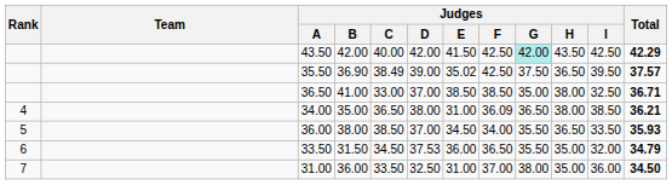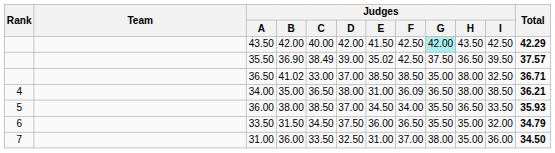 <table class=wikitable style="text-align:center">
 <tr>
 <th rowspan="2" width=40>Rank</th>
 <th rowspan="2" width=380>Team</th>
 <th colspan="9">Judges</th>
 <th rowspan="2" width=50>Total</th>
 </tr>
 <tr>
 <th width=40>A</th>
 <th width=40>B</th>
 <th width=40>C</th>
 <th width=40>D</th>
 <th width=40>E</th>
 <th width=40>F</th>
 <th width=40>G</th>
 <th width=40>H</th>
 <th width=40>I</th>
 </tr>
 <tr>
 <td></td>
 <td align=left></td>
 <td>43.50</td>
 <td>42.00</td>
 <td>40.00</td>
 <td>42.00</td>
 <td>41.50</td>
 <td>42.50</td>
 <td style="background: paleturquoise;">42.00</td>
 <td>43.50</td>
 <td>42.50</td>
 <td><strong>42.29</strong></td>
 </tr>
 <tr>
 <td></td>
 <td align=left></td>
 <td>35.50</td>
 <td>36.90</td>
 <td>38.49</td>
 <td>39.00</td>
 <td>35.02</td>
 <td>42.50</td>
 <td>37.50</td>
 <td>36.50</td>
 <td>39.50</td>
 <td><strong>37.57</strong></td>
 </tr>
 <tr>
 <td></td>
 <td align=left></td>
 <td>36.50</td>
-<td>41.00</td>
+<td>41.02</td>
 <td>33.00</td>
 <td>37.00</td>
 <td>38.50</td>
 <td>38.50</td>
 <td>35.00</td>
 <td>38.00</td>
 <td>32.50</td>
 <td><strong>36.71</strong></td>
 </tr>
 <tr>
 <td>4</td>
 <td align=left></td>
 <td>34.00</td>
 <td>35.00</td>
 <td>36.50</td>
 <td>38.00</td>
 <td>31.00</td>
 <td>36.09</td>
 <td>36.50</td>
 <td>38.00</td>
 <td>38.50</td>
 <td><strong>36.21</strong></td>
 </tr>
 <tr>
 <td>5</td>
 <td align=left></td>
 <td>36.00</td>
 <td>38.00</td>
 <td>38.50</td>
 <td>37.00</td>
 <td>34.50</td>
 <td>34.00</td>
 <td>35.50</td>
 <td>36.50</td>
 <td>33.50</td>
 <td><strong>35.93</strong></td>
 </tr>
 <tr>
 <td>6</td>
 <td align=left></td>
 <td>33.50</td>
 <td>31.50</td>
 <td>34.50</td>
-<td>37.53</td>
+<td>37.50</td>
 <td>36.00</td>
 <td>36.50</td>
 <td>35.50</td>
 <td>35.00</td>
 <td>32.00</td>
 <td><strong>34.79</strong></td>
 </tr>
 <tr>
 <td>7</td>
 <td align=left></td>
 <td>31.00</td>
 <td>36.00</td>
 <td>33.50</td>
 <td>32.50</td>
 <td>31.00</td>
 <td>37.00</td>
 <td>38.00</td>
 <td>35.00</td>
 <td>36.00</td>
 <td><strong>34.50</strong></td>
 </tr>
 </table>
